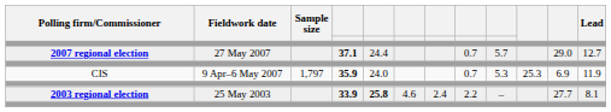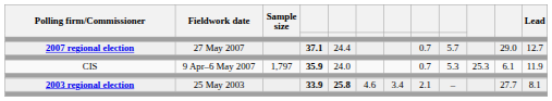 <table class="wikitable collapsible collapsed" style="text-align:center; font-size:90%; line-height:14px;">
 <tr style="height:42px;">
 <th style="width:250px;" rowspan="2">Polling firm/Commissioner</th>
 <th style="width:125px;" rowspan="2">Fieldwork date</th>
 <th style="width:50px;" rowspan="2">Sample size</th>
 <th style="width:35px;"></th>
 <th style="width:35px;"></th>
 <th style="width:35px;"></th>
 <th style="width:35px;"></th>
 <th style="width:35px;"></th>
 <th style="width:35px;"></th>
 <th style="width:35px;" rowspan="2"></th>
 <th style="width:35px;" rowspan="2"></th>
 <th style="width:30px;" rowspan="2">Lead</th>
 </tr>
 <tr>
 <th style="color:inherit;background:"></th>
 <th style="color:inherit;background:"></th>
 <th style="color:inherit;background:"></th>
 <th style="color:inherit;background:"></th>
 <th style="color:inherit;background:"></th>
 <th style="color:inherit;background:"></th>
 </tr>
 <tr>
 <td colspan="12" style="background:#A0A0A0"></td>
 </tr>
 <tr style="background:#EFEFEF;">
 <td><strong><a href='#'>2007 regional election</a></strong></td>
 <td>27 May 2007</td>
 <td></td>
 <td><strong>37.1</strong></td>
 <td>24.4</td>
 <td></td>
 <td></td>
 <td>0.7</td>
 <td>5.7</td>
 <td></td>
 <td>29.0</td>
 <td style="background:">12.7</td>
 </tr>
 <tr>
 <td colspan="12" style="background:#A0A0A0"></td>
 </tr>
 <tr>
 <td>CIS</td>
 <td>9 Apr–6 May 2007</td>
 <td>1,797</td>
 <td><strong>35.9</strong></td>
 <td>24.0</td>
 <td></td>
 <td></td>
 <td>0.7</td>
 <td>5.3</td>
 <td>25.3</td>
-<td>6.9</td>
+<td>6.1</td>
 <td style="background:">11.9</td>
 </tr>
 <tr>
 <td colspan="12" style="background:#A0A0A0"></td>
 </tr>
 <tr style="background:#EFEFEF;">
 <td><strong><a href='#'>2003 regional election</a></strong></td>
 <td>25 May 2003</td>
 <td></td>
 <td><strong>33.9</strong></td>
 <td><strong>25.8</strong></td>
 <td>4.6</td>
-<td>2.4</td>
-<td>2.2</td>
+<td>3.4</td>
+<td>2.1</td>
 <td>–</td>
 <td></td>
 <td>27.7</td>
 <td style="background:">8.1</td>
 </tr>
 <tr>
 <td colspan="12" style="background:#A0A0A0"></td>
 </tr>
 </table>
